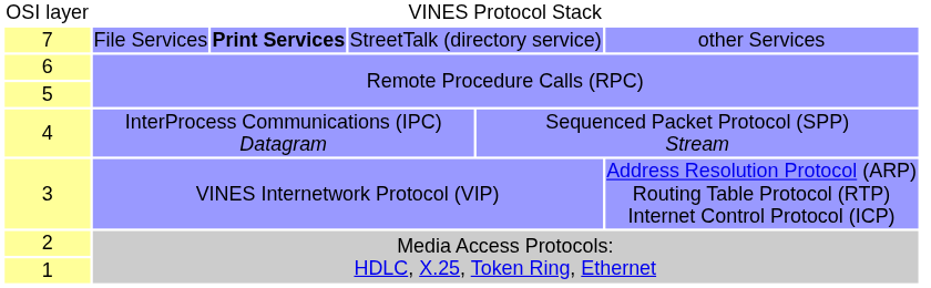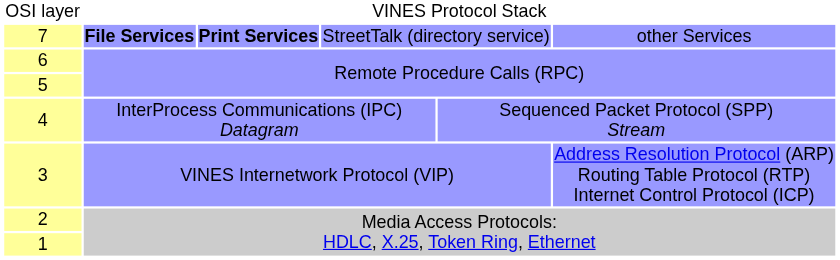 <table border="0">
 <tr>
 <td>OSI layer</td>
 <td colspan="6" align="center">VINES Protocol Stack</td>
 </tr>
 <tr ---->
 <td align="center" bgcolor="#FFFF99">7</td>
-<td align="center" bgcolor="#9999FF">File Services</td>
+<td align="center" bgcolor="#9999FF"><strong>File Services</strong></td>
 <td align="center" bgcolor="#9999FF"><strong>Print Services</strong></td>
 <td colspan="2" align="center" bgcolor="#9999FF">StreetTalk (directory service)</td>
 <td colspan="2" align="center" bgcolor="#9999FF">other Services</td>
 </tr>
 <tr ---->
 <td align="center" bgcolor="#FFFF99">6</td>
 <td rowspan="2" colspan="6" align="center" bgcolor="#9999FF">Remote Procedure Calls (RPC)</td>
 </tr>
 <tr ---->
 <td align="center" bgcolor="#FFFF99">5</td>
 <td></td>
 <td></td>
 <td></td>
 <td></td>
 <td></td>
 <td></td>
 </tr>
 <tr ---->
 <td align="center" bgcolor="#FFFF99">4</td>
 <td colspan="3" align="center" bgcolor="#9999FF">InterProcess Communications (IPC)<br><em>Datagram</em></td>
 <td colspan="3" align="center" bgcolor="#9999FF">Sequenced Packet Protocol (SPP)<br><em>Stream</em></td>
 </tr>
 <tr ---->
 <td align="center" bgcolor="#FFFF99">3</td>
 <td colspan="4" align="center" bgcolor="#9999FF">VINES Internetwork Protocol (VIP)</td>
 <td colspan="2" align="center" bgcolor="#9999FF"><a href='#'>Address Resolution Protocol</a> (ARP)<br>Routing Table Protocol (RTP)<br>Internet Control Protocol (ICP)</td>
 </tr>
 <tr ---->
 <td align="center" bgcolor="#FFFF99">2</td>
 <td rowspan="2" colspan="6" align="center" bgcolor="#CCCCCC">Media Access Protocols:<br><a href='#'>HDLC</a>, <a href='#'>X.25</a>, <a href='#'>Token Ring</a>, <a href='#'>Ethernet</a></td>
 </tr>
 <tr ---->
 <td align="center" bgcolor="#FFFF99">1</td>
 <td></td>
 </tr>
 </table>
